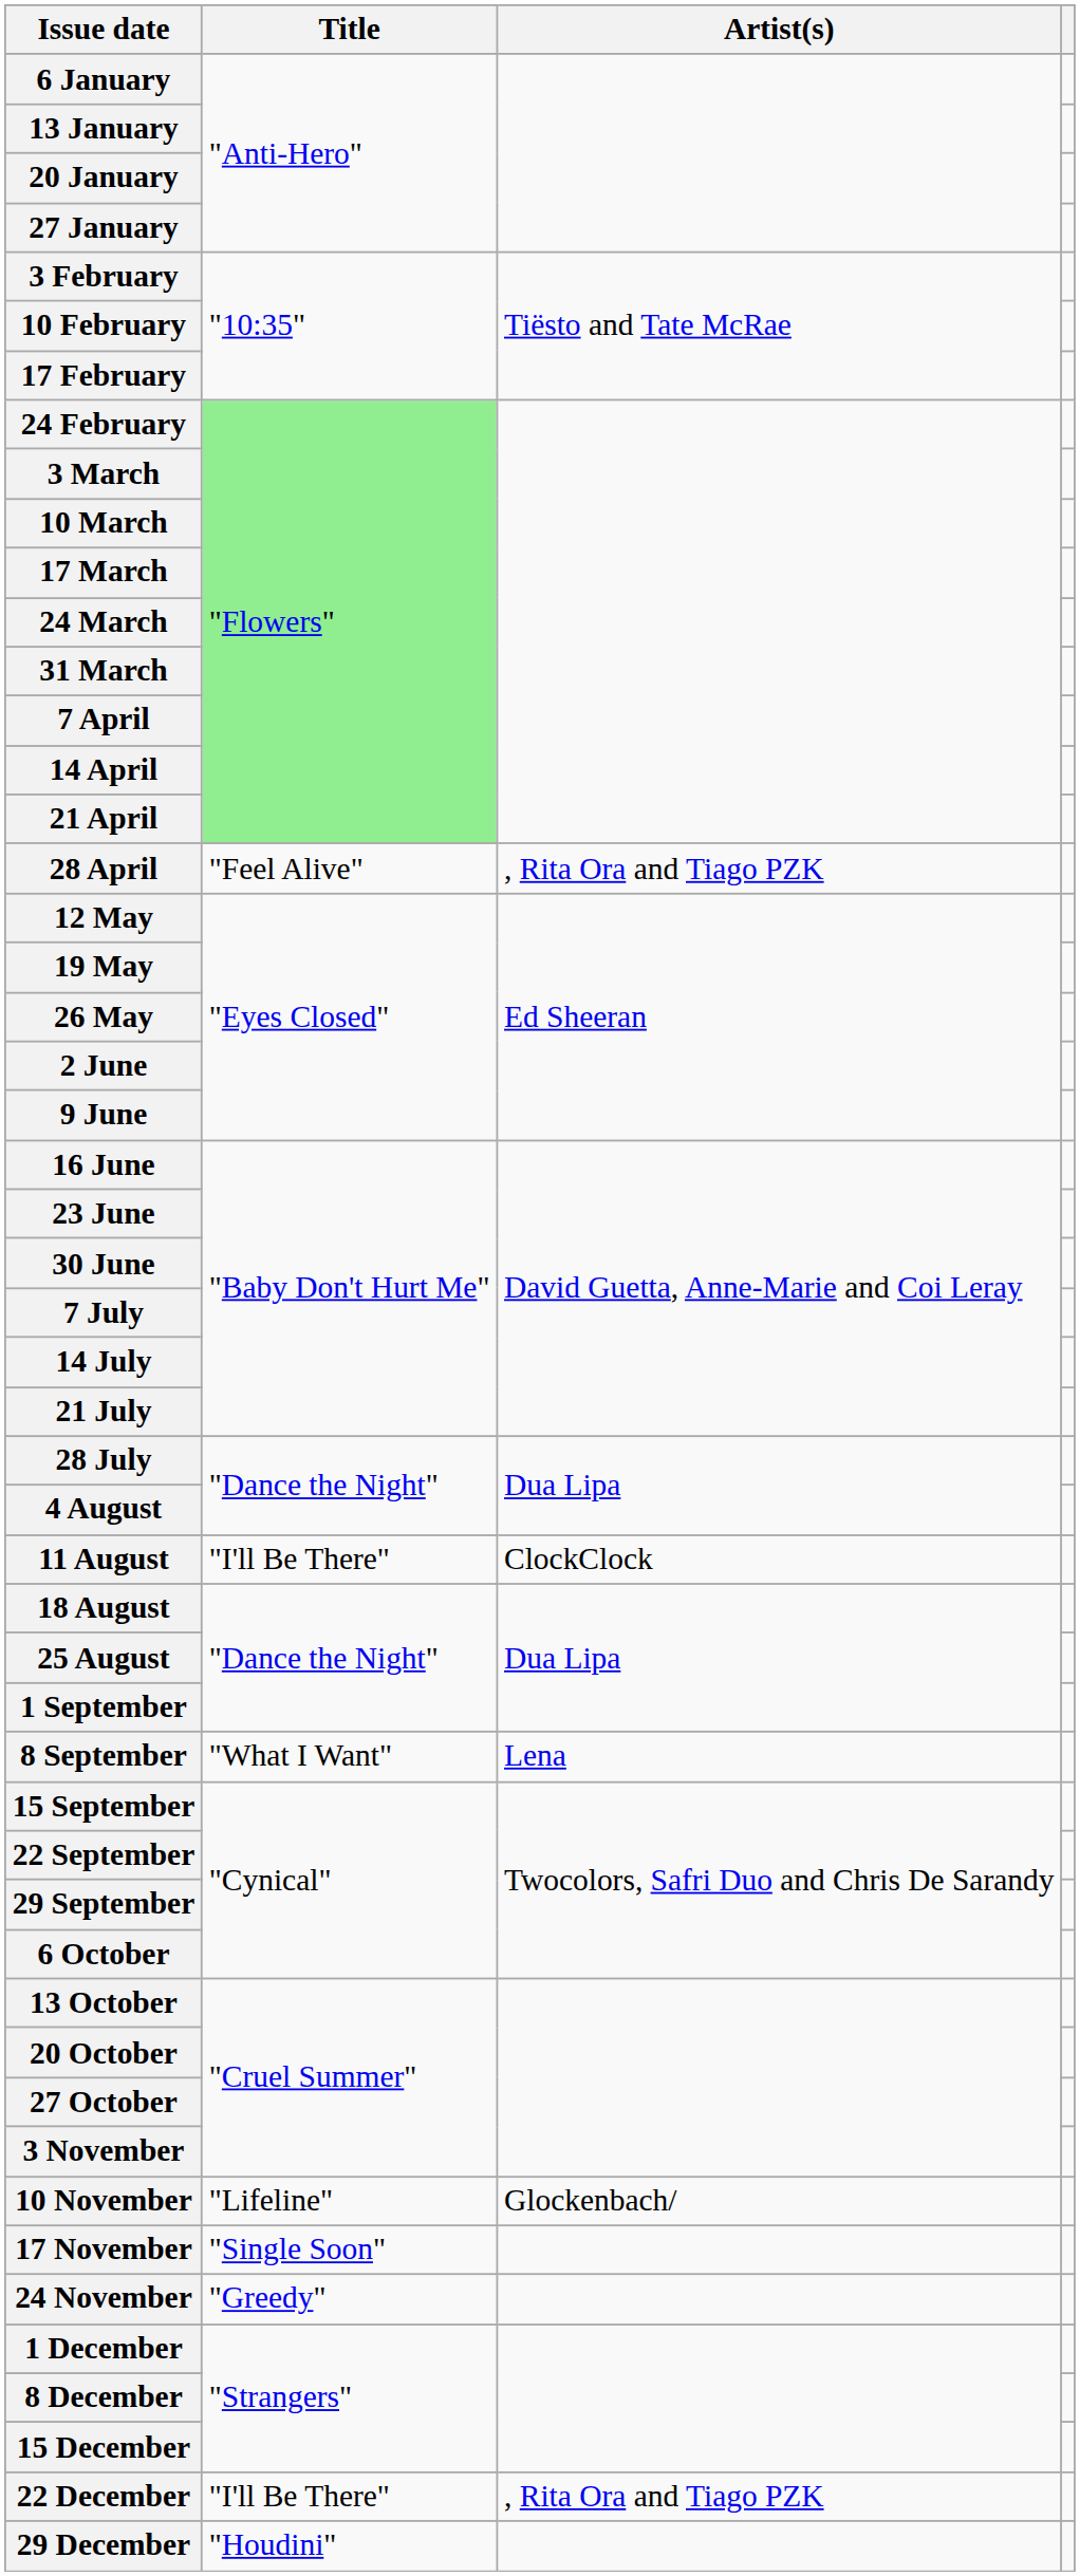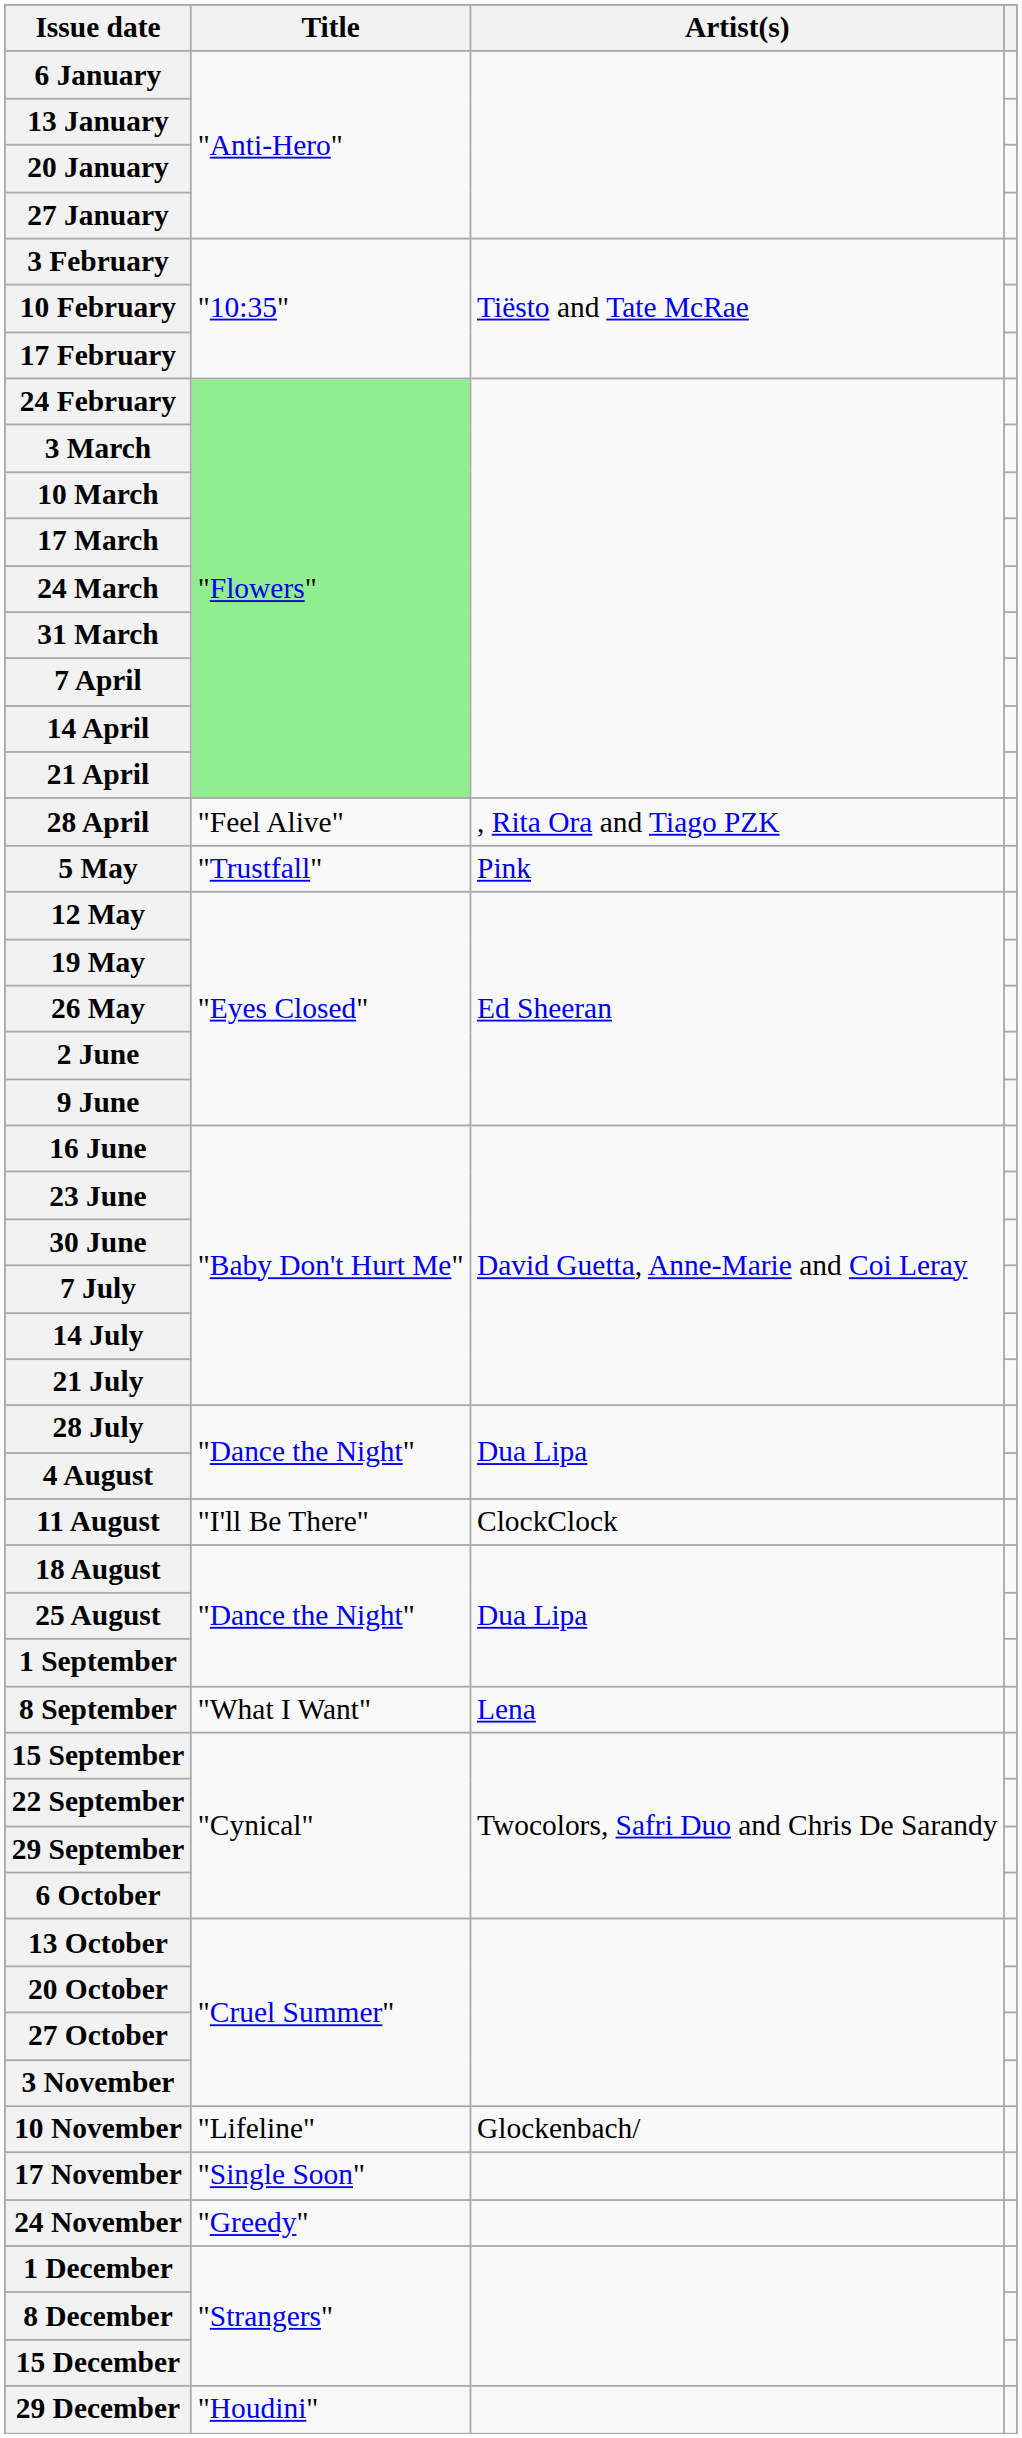 <table class="sortable wikitable sortable plainrowheaders">
 <tr>
 <th scope=col class="sortable">Issue date</th>
 <th scope=col class="sortable">Title</th>
 <th scope=col class="sortable">Artist(s)</th>
 <th scope=col class="unsortable"></th>
 </tr>
 <tr class=unsortable>
 <th scope="row" style="text-align:center;">6 January</th>
 <td rowspan=4>"<a href='#'>Anti-Hero</a>"</td>
 <td rowspan=4></td>
 <td style="text-align:center;"></td>
 </tr>
 <tr>
 <th scope="row" style="text-align:center;">13 January</th>
 <td style="text-align:center;"></td>
 </tr>
 <tr>
 <th scope="row" style="text-align:center;">20 January</th>
 <td style="text-align:center;"></td>
 </tr>
 <tr>
 <th scope="row" style="text-align:center;">27 January</th>
 <td style="text-align:center;"></td>
 </tr>
 <tr>
 <th scope="row" style="text-align:center;">3 February</th>
 <td rowspan=3>"<a href='#'>10:35</a>"</td>
 <td rowspan=3><a href='#'>Tiësto</a> and <a href='#'>Tate McRae</a></td>
 <td style="text-align:center;"></td>
 </tr>
 <tr>
 <th scope="row" style="text-align:center;">10 February</th>
 <td style="text-align:center;"></td>
 </tr>
 <tr>
 <th scope="row" style="text-align:center;">17 February</th>
 <td style="text-align:center;"></td>
 </tr>
 <tr>
 <th scope="row" style="text-align:center;">24 February</th>
 <td rowspan=9 style="background-color:lightgreen">"<a href='#'>Flowers</a>" </td>
 <td rowspan=9></td>
 <td style="text-align:center;"></td>
 </tr>
 <tr>
 <th scope="row" style="text-align:center;">3 March</th>
 <td style="text-align:center;"></td>
 </tr>
 <tr>
 <th scope="row" style="text-align:center;">10 March</th>
 <td style="text-align:center;"></td>
 </tr>
 <tr>
 <th scope="row" style="text-align:center;">17 March</th>
 <td style="text-align:center;"></td>
 </tr>
 <tr>
 <th scope="row" style="text-align:center;">24 March</th>
 <td style="text-align:center;"></td>
 </tr>
 <tr>
 <th scope="row" style="text-align:center;">31 March</th>
 <td style="text-align:center;"></td>
 </tr>
 <tr>
 <th scope="row" style="text-align:center;">7 April</th>
 <td style="text-align:center;"></td>
 </tr>
 <tr>
 <th scope="row" style="text-align:center;">14 April</th>
 <td style="text-align:center;"></td>
 </tr>
 <tr>
 <th scope="row" style="text-align:center;">21 April</th>
 <td style="text-align:center;"></td>
 </tr>
 <tr>
 <th scope="row" style="text-align:center;">28 April</th>
 <td>"Feel Alive"</td>
 <td>, <a href='#'>Rita Ora</a> and <a href='#'>Tiago PZK</a></td>
+<td style="text-align:center;"></td>
+</tr>
+<tr>
+<th scope="row" style="text-align:center;">5 May</th>
+<td>"<a href='#'>Trustfall</a>"</td>
+<td><a href='#'>Pink</a></td>
 <td style="text-align:center;"></td>
 </tr>
 <tr>
 <th scope="row" style="text-align:center;">12 May</th>
 <td rowspan=5>"<a href='#'>Eyes Closed</a>"</td>
 <td rowspan=5><a href='#'>Ed Sheeran</a></td>
 <td style="text-align:center;"></td>
 </tr>
 <tr>
 <th scope="row" style="text-align:center;">19 May</th>
 <td style="text-align:center;"></td>
 </tr>
 <tr>
 <th scope="row" style="text-align:center;">26 May</th>
 <td style="text-align:center;"></td>
 </tr>
 <tr>
 <th scope="row" style="text-align:center;">2 June</th>
 <td style="text-align:center;"></td>
 </tr>
 <tr>
 <th scope="row" style="text-align:center;">9 June</th>
 <td style="text-align:center;"></td>
 </tr>
 <tr>
 <th scope="row" style="text-align:center;">16 June</th>
 <td rowspan=6>"<a href='#'>Baby Don't Hurt Me</a>"</td>
 <td rowspan=6><a href='#'>David Guetta</a>, <a href='#'>Anne-Marie</a> and <a href='#'>Coi Leray</a></td>
 <td style="text-align:center;"></td>
 </tr>
 <tr>
 <th scope="row" style="text-align:center;">23 June</th>
 <td style="text-align:center;"></td>
 </tr>
 <tr>
 <th scope="row" style="text-align:center;">30 June</th>
 <td style="text-align:center;"></td>
 </tr>
 <tr>
 <th scope="row" style="text-align:center;">7 July</th>
 <td style="text-align:center;"></td>
 </tr>
 <tr>
 <th scope="row" style="text-align:center;">14 July</th>
 <td style="text-align:center;"></td>
 </tr>
 <tr>
 <th scope="row" style="text-align:center;">21 July</th>
 <td style="text-align:center;"></td>
 </tr>
 <tr>
 <th scope="row" style="text-align:center;">28 July</th>
 <td rowspan=2>"<a href='#'>Dance the Night</a>"</td>
 <td rowspan=2><a href='#'>Dua Lipa</a></td>
 <td style="text-align:center;"></td>
 </tr>
 <tr>
 <th scope="row" style="text-align:center;">4 August</th>
 <td style="text-align:center;"></td>
 </tr>
 <tr>
 <th scope="row" style="text-align:center;">11 August</th>
 <td>"I'll Be There"</td>
 <td>ClockClock</td>
 <td style="text-align:center;"></td>
 </tr>
 <tr>
 <th scope="row" style="text-align:center;">18 August</th>
 <td rowspan=3>"<a href='#'>Dance the Night</a>"</td>
 <td rowspan=3><a href='#'>Dua Lipa</a></td>
 <td style="text-align:center;"></td>
 </tr>
 <tr>
 <th scope="row" style="text-align:center;">25 August</th>
 <td style="text-align:center;"></td>
 </tr>
 <tr>
 <th scope="row" style="text-align:center;">1 September</th>
 <td style="text-align:center;"></td>
 </tr>
 <tr>
 <th scope="row" style="text-align:center;">8 September</th>
 <td>"What I Want"</td>
 <td><a href='#'>Lena</a></td>
 <td style="text-align:center;"></td>
 </tr>
 <tr>
 <th scope="row" style="text-align:center;">15 September</th>
 <td rowspan=4>"Cynical"</td>
 <td rowspan=4>Twocolors, <a href='#'>Safri Duo</a> and Chris De Sarandy</td>
 <td style="text-align:center;"></td>
 </tr>
 <tr>
 <th scope="row" style="text-align:center;">22 September</th>
 <td style="text-align:center;"></td>
 </tr>
 <tr>
 <th scope="row" style="text-align:center;">29 September</th>
 <td style="text-align:center;"></td>
 </tr>
 <tr>
 <th scope="row" style="text-align:center;">6 October</th>
 <td style="text-align:center;"></td>
 </tr>
 <tr>
 <th scope="row" style="text-align:center;">13 October</th>
 <td rowspan=4>"<a href='#'>Cruel Summer</a>"</td>
 <td rowspan=4></td>
 <td style="text-align:center;"></td>
 </tr>
 <tr>
 <th scope="row" style="text-align:center;">20 October</th>
 <td style="text-align:center;"></td>
 </tr>
 <tr>
 <th scope="row" style="text-align:center;">27 October</th>
 <td style="text-align:center;"></td>
 </tr>
 <tr>
 <th scope="row" style="text-align:center;">3 November</th>
 <td style="text-align:center;"></td>
 </tr>
 <tr>
 <th scope="row" style="text-align:center;">10 November</th>
 <td>"Lifeline"</td>
 <td>Glockenbach/</td>
 <td style="text-align:center;"></td>
 </tr>
 <tr>
 <th scope="row" style="text-align:center;">17 November</th>
 <td>"<a href='#'>Single Soon</a>"</td>
 <td></td>
 <td style="text-align:center;"></td>
 </tr>
 <tr>
 <th scope="row" style="text-align:center;">24 November</th>
 <td>"<a href='#'>Greedy</a>"</td>
 <td></td>
 <td style="text-align:center;"></td>
 </tr>
 <tr>
 <th scope="row" style="text-align:center;">1 December</th>
 <td rowspan=3>"<a href='#'>Strangers</a>"</td>
 <td rowspan=3></td>
 <td style="text-align:center;"></td>
 </tr>
 <tr>
 <th scope="row" style="text-align:center;">8 December</th>
 <td style="text-align:center;"></td>
 </tr>
 <tr>
 <th scope="row" style="text-align:center;">15 December</th>
 <td style="text-align:center;"></td>
 </tr>
 <tr>
-<th scope="row" style="text-align:center;">22 December</th>
-<td>"I'll Be There"</td>
-<td>, <a href='#'>Rita Ora</a> and <a href='#'>Tiago PZK</a></td>
-<td style="text-align:center;"></td>
-</tr>
-<tr>
 <th scope="row" style="text-align:center;">29 December</th>
 <td>"<a href='#'>Houdini</a>"</td>
 <td></td>
 <td style="text-align:center;"></td>
 </tr>
 </table>
